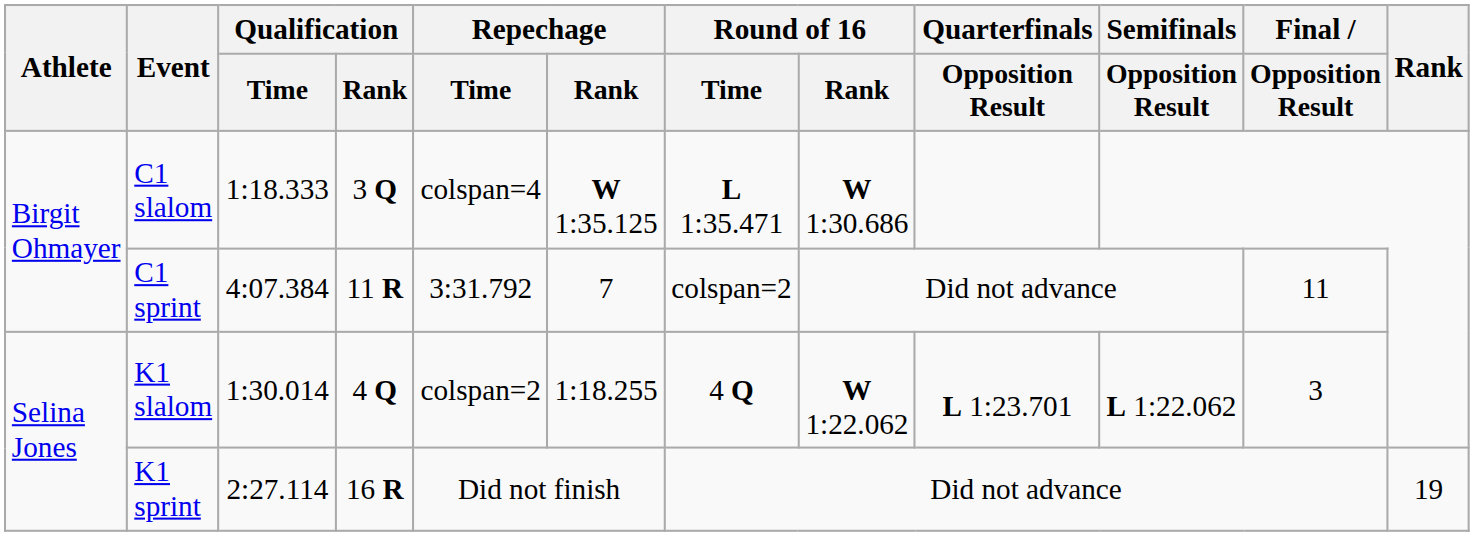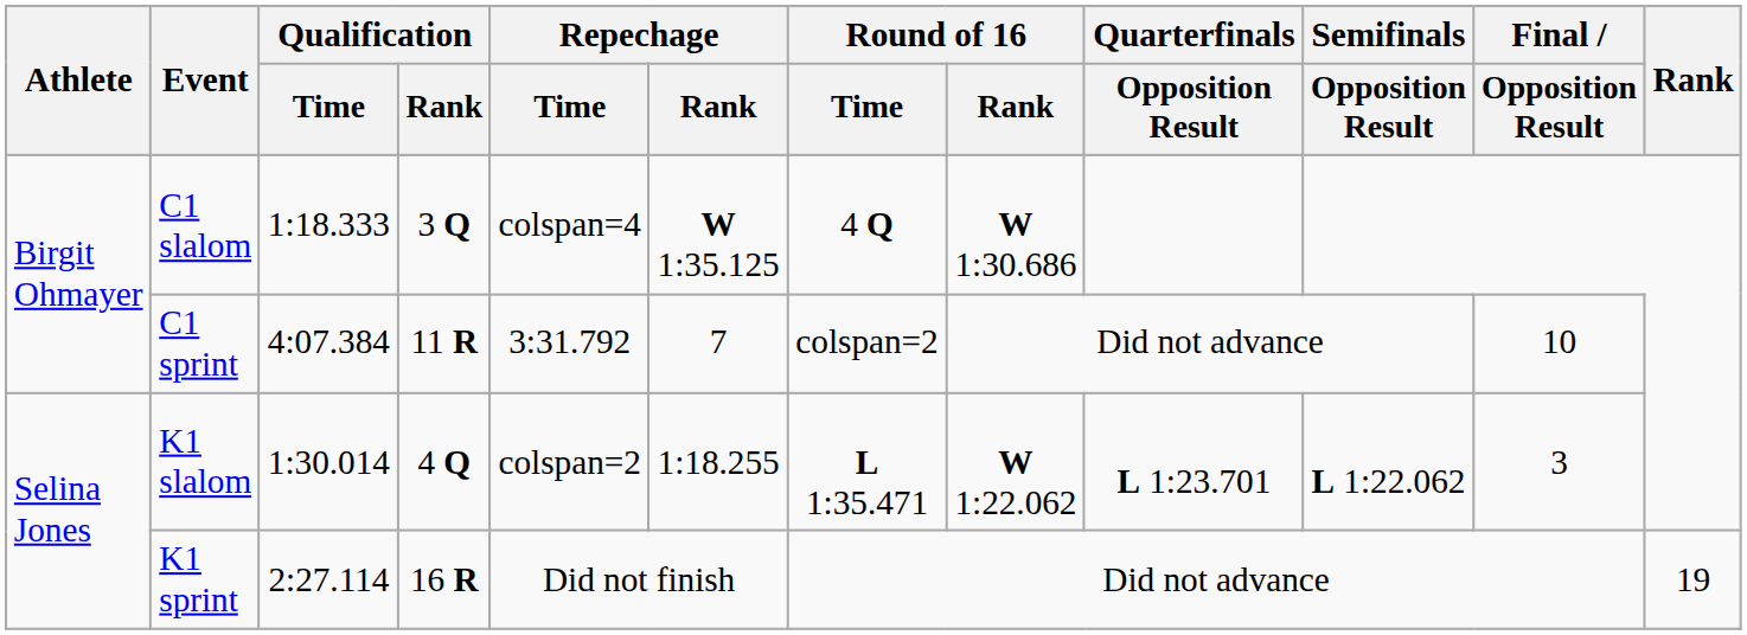 <table class="wikitable" style="font-size:90%;">
 <tr>
 <th rowspan=2>Athlete</th>
 <th rowspan=2>Event</th>
 <th colspan=2>Qualification</th>
 <th colspan=2>Repechage</th>
 <th colspan=2>Round of 16</th>
 <th>Quarterfinals</th>
 <th>Semifinals</th>
 <th>Final / </th>
 <th rowspan=2>Rank</th>
 </tr>
 <tr style="font-size:95%">
 <th>Time</th>
 <th>Rank</th>
 <th>Time</th>
 <th>Rank</th>
 <th>Time</th>
 <th>Rank</th>
 <th>Opposition <br>Result</th>
 <th>Opposition <br>Result</th>
 <th>Opposition <br>Result</th>
 </tr>
 <tr align=center>
 <td rowspan=2 align=left><a href='#'>Birgit Ohmayer</a></td>
 <td align=left><a href='#'>C1 slalom</a></td>
 <td>1:18.333</td>
 <td>3 <strong>Q</strong></td>
 <td>colspan=4 </td>
 <td><br><strong>W</strong> 1:35.125</td>
-<td><br><strong>L</strong> 1:35.471</td>
+<td>4 <strong>Q</strong></td>
 <td><br><strong>W</strong> 1:30.686</td>
 <td></td>
 </tr>
 <tr>
 <td align=left><a href='#'>C1 sprint</a></td>
 <td align=center>4:07.384</td>
 <td align=center>11 <strong>R</strong></td>
 <td align=center>3:31.792</td>
 <td align=center>7</td>
 <td>colspan=2 </td>
 <td colspan=3 align=center>Did not advance</td>
-<td align=center>11</td>
+<td align=center>10</td>
 </tr>
 <tr align=center>
 <td rowspan=2 align=left><a href='#'>Selina Jones</a></td>
 <td align=left><a href='#'>K1 slalom</a></td>
 <td>1:30.014</td>
 <td>4 <strong>Q</strong></td>
 <td>colspan=2 </td>
 <td>1:18.255</td>
-<td>4 <strong>Q</strong></td>
+<td><br><strong>L</strong> 1:35.471</td>
 <td><br><strong>W</strong> 1:22.062</td>
 <td><br><strong>L</strong> 1:23.701</td>
 <td><br><strong>L</strong> 1:22.062</td>
 <td>3</td>
 </tr>
 <tr>
 <td align=left><a href='#'>K1 sprint</a></td>
 <td align=center>2:27.114</td>
 <td align=center>16 <strong>R</strong></td>
 <td colspan=2 align=center>Did not finish</td>
 <td colspan=5 align=center>Did not advance</td>
 <td align=center>19</td>
 </tr>
 </table>
